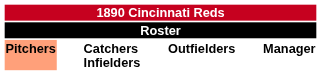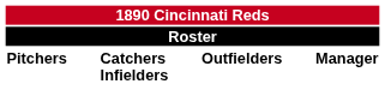 <table class="toccolours" style="font-size: 95%;">
 <tr>
 <th colspan="10" style="background-color: #c6011f; color: white; text-align: center;">1890 Cincinnati Reds</th>
 </tr>
 <tr>
 <td colspan="10" style="background-color: black; color: white; text-align: center;"><strong>Roster</strong></td>
 </tr>
 <tr>
-<td valign="top" style="background: lightsalmon;"><strong>Pitchers</strong><br>    </td>
+<td valign="top"><strong>Pitchers</strong><br>    </td>
 <td width="25px"></td>
 <td valign="top"><strong>Catchers</strong><br>   <strong>Infielders</strong>     </td>
 <td width="25px"></td>
 <td valign="top"><strong>Outfielders</strong><br>    </td>
 <td width="25px"></td>
 <td valign="top"><strong>Manager</strong><br></td>
 </tr>
 </table>
